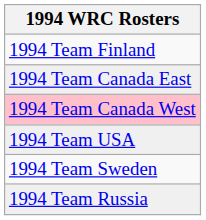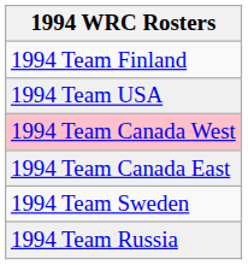 <table class=wikitable style="text-align:left;">
 <tr>
 <th>1994 WRC Rosters</th>
 </tr>
 <tr>
 <td> <a href='#'>1994 Team Finland</a></td>
 </tr>
 <tr bgcolor="#f0f0f0">
-<td> <a href='#'>1994 Team Canada East</a></td>
+<td> <a href='#'>1994 Team USA</a></td>
 </tr>
 <tr>
 <td style="background: pink;"> <a href='#'>1994 Team Canada West</a></td>
 </tr>
 <tr bgcolor="#f0f0f0">
-<td> <a href='#'>1994 Team USA</a></td>
+<td> <a href='#'>1994 Team Canada East</a></td>
 </tr>
 <tr>
 <td> <a href='#'>1994 Team Sweden</a></td>
 </tr>
 <tr bgcolor="#f0f0f0">
 <td> <a href='#'>1994 Team Russia</a></td>
 </tr>
 </table>
